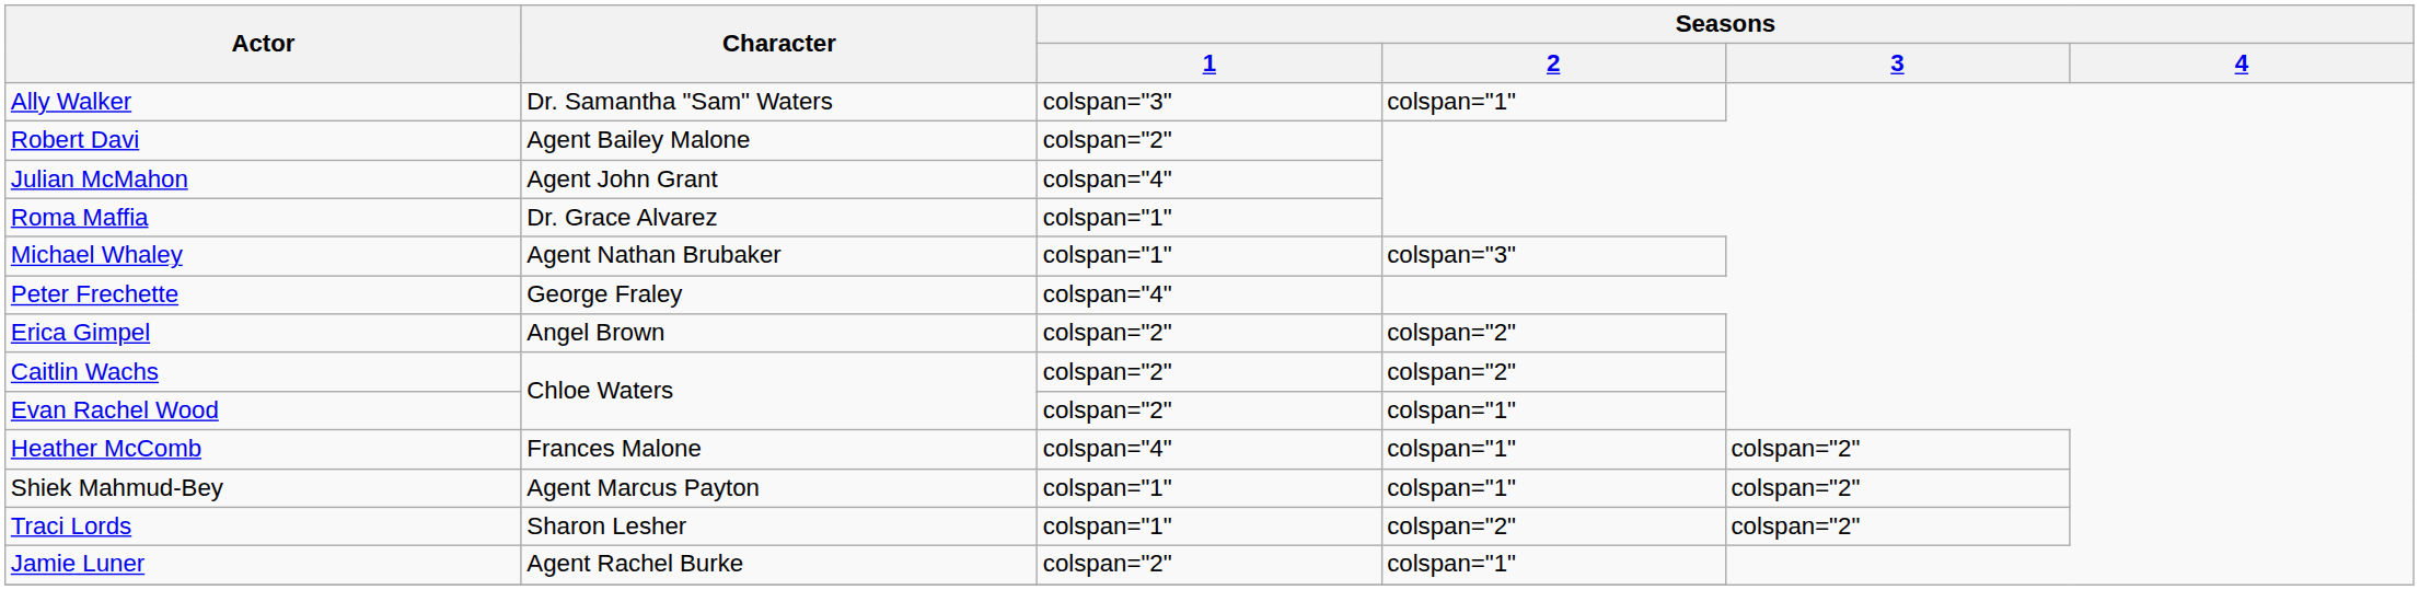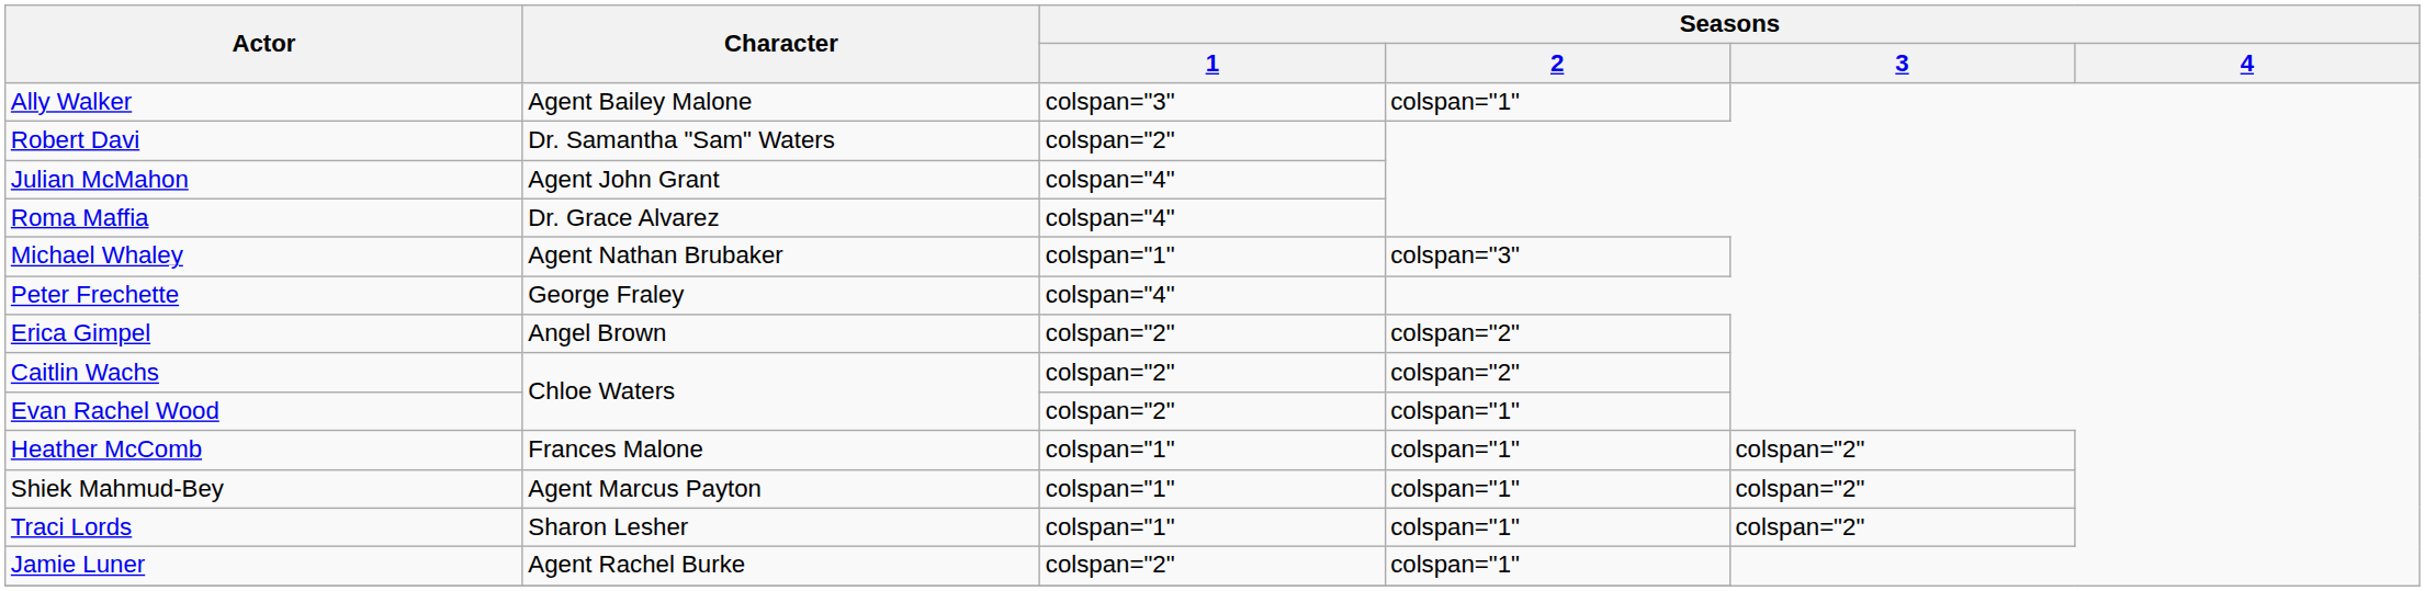 <table class="wikitable plainrowheaders" style="width:100%;">
 <tr>
 <th rowspan="2" style="width:15%;">Actor</th>
 <th rowspan="2" style="width:15%;">Character</th>
 <th colspan="4">Seasons</th>
 </tr>
 <tr>
 <th style="width:10%;"><a href='#'>1</a></th>
 <th style="width:10%;"><a href='#'>2</a></th>
 <th style="width:10%;"><a href='#'>3</a></th>
 <th style="width:10%;"><a href='#'>4</a></th>
 </tr>
 <tr>
 <td><a href='#'>Ally Walker</a></td>
-<td>Dr. Samantha "Sam" Waters</td>
+<td>Agent Bailey Malone</td>
 <td>colspan="3" </td>
 <td>colspan="1" </td>
 </tr>
 <tr>
 <td><a href='#'>Robert Davi</a></td>
-<td>Agent Bailey Malone</td>
+<td>Dr. Samantha "Sam" Waters</td>
 <td>colspan="2" </td>
 </tr>
 <tr>
 <td><a href='#'>Julian McMahon</a></td>
 <td>Agent John Grant</td>
 <td>colspan="4" </td>
 </tr>
 <tr>
 <td><a href='#'>Roma Maffia</a></td>
 <td>Dr. Grace Alvarez</td>
-<td>colspan="1" </td>
+<td>colspan="4" </td>
 </tr>
 <tr>
 <td><a href='#'>Michael Whaley</a></td>
 <td>Agent Nathan Brubaker</td>
 <td>colspan="1" </td>
 <td>colspan="3" </td>
 </tr>
 <tr>
 <td><a href='#'>Peter Frechette</a></td>
 <td>George Fraley</td>
 <td>colspan="4" </td>
 </tr>
 <tr>
 <td><a href='#'>Erica Gimpel</a></td>
 <td>Angel Brown</td>
 <td>colspan="2" </td>
 <td>colspan="2" </td>
 </tr>
 <tr>
 <td><a href='#'>Caitlin Wachs</a></td>
 <td rowspan="2">Chloe Waters</td>
 <td>colspan="2" </td>
 <td>colspan="2" </td>
 </tr>
 <tr>
 <td><a href='#'>Evan Rachel Wood</a></td>
 <td>colspan="2" </td>
 <td>colspan="1" </td>
 </tr>
 <tr>
 <td><a href='#'>Heather McComb</a></td>
 <td>Frances Malone</td>
-<td>colspan="4" </td>
+<td>colspan="1" </td>
 <td>colspan="1" </td>
 <td>colspan="2" </td>
 </tr>
 <tr>
 <td>Shiek Mahmud-Bey</td>
 <td>Agent Marcus Payton</td>
 <td>colspan="1" </td>
 <td>colspan="1" </td>
 <td>colspan="2" </td>
 </tr>
 <tr>
 <td><a href='#'>Traci Lords</a></td>
 <td>Sharon Lesher</td>
 <td>colspan="1" </td>
-<td>colspan="2" </td>
+<td>colspan="1" </td>
 <td>colspan="2" </td>
 </tr>
 <tr>
 <td><a href='#'>Jamie Luner</a></td>
 <td>Agent Rachel Burke</td>
 <td>colspan="2" </td>
 <td>colspan="1" </td>
 </tr>
 <tr>
 </tr>
 </table>
